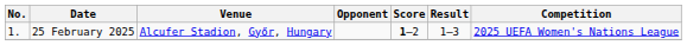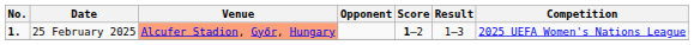 <table class="wikitable">
 <tr>
 <th>No.</th>
 <th>Date</th>
 <th>Venue</th>
 <th>Opponent</th>
 <th>Score</th>
 <th>Result</th>
 <th>Competition</th>
 </tr>
 <tr>
-<td>1.</td>
+<td><strong>1.</strong></td>
 <td>25 February 2025</td>
-<td><a href='#'>Alcufer Stadion</a>, <a href='#'>Győr</a>, <a href='#'>Hungary</a></td>
+<td style="background: lightsalmon;"><a href='#'>Alcufer Stadion</a>, <a href='#'>Győr</a>, <a href='#'>Hungary</a></td>
 <td></td>
 <td align=center><strong>1</strong>–2</td>
 <td align=center>1–3</td>
 <td><a href='#'>2025 UEFA Women's Nations League</a></td>
 </tr>
 <tr>
 </tr>
 </table>
